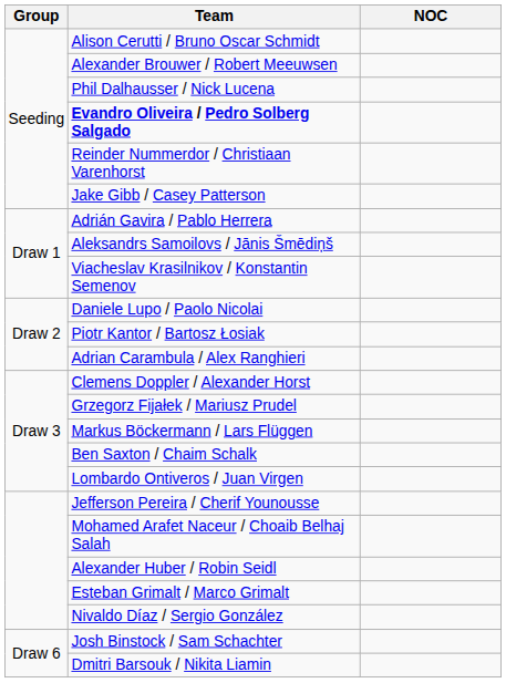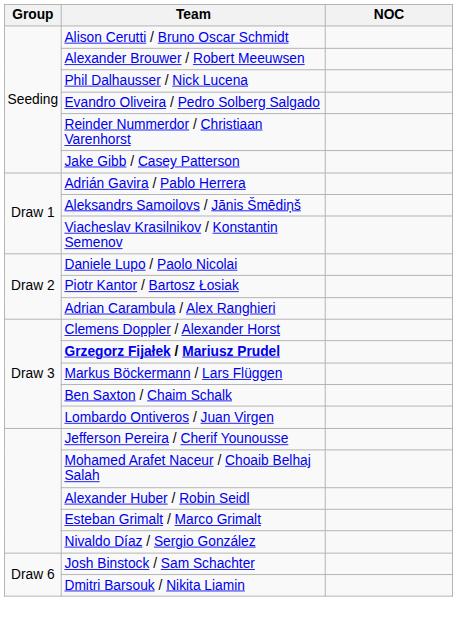 <table class="wikitable">
 <tr>
 <th>Group</th>
 <th width=300>Team</th>
 <th width=140>NOC</th>
 </tr>
 <tr>
 <td align=center rowspan=6>Seeding</td>
 <td><a href='#'>Alison Cerutti</a> / <a href='#'>Bruno Oscar Schmidt</a></td>
 <td></td>
 </tr>
 <tr>
 <td><a href='#'>Alexander Brouwer</a> / <a href='#'>Robert Meeuwsen</a></td>
 <td></td>
 </tr>
 <tr>
 <td><a href='#'>Phil Dalhausser</a> / <a href='#'>Nick Lucena</a></td>
 <td></td>
 </tr>
 <tr>
-<td><strong><a href='#'>Evandro Oliveira</a> / <a href='#'>Pedro Solberg Salgado</a></strong></td>
+<td><a href='#'>Evandro Oliveira</a> / <a href='#'>Pedro Solberg Salgado</a></td>
 <td></td>
 </tr>
 <tr>
 <td><a href='#'>Reinder Nummerdor</a> / <a href='#'>Christiaan Varenhorst</a></td>
 <td></td>
 </tr>
 <tr>
 <td><a href='#'>Jake Gibb</a> / <a href='#'>Casey Patterson</a></td>
 <td></td>
 </tr>
 <tr>
 <td align=center rowspan=3>Draw 1</td>
 <td><a href='#'>Adrián Gavira</a> / <a href='#'>Pablo Herrera</a></td>
 <td></td>
 </tr>
 <tr>
 <td><a href='#'>Aleksandrs Samoilovs</a> / <a href='#'>Jānis Šmēdiņš</a></td>
 <td></td>
 </tr>
 <tr>
 <td><a href='#'>Viacheslav Krasilnikov</a> / <a href='#'>Konstantin Semenov</a></td>
 <td></td>
 </tr>
 <tr>
 <td align=center rowspan=3>Draw 2</td>
 <td><a href='#'>Daniele Lupo</a> / <a href='#'>Paolo Nicolai</a></td>
 <td></td>
 </tr>
 <tr>
 <td><a href='#'>Piotr Kantor</a> / <a href='#'>Bartosz Łosiak</a></td>
 <td></td>
 </tr>
 <tr>
 <td><a href='#'>Adrian Carambula</a> / <a href='#'>Alex Ranghieri</a></td>
 <td></td>
 </tr>
 <tr>
 <td align=center rowspan=5>Draw 3</td>
 <td><a href='#'>Clemens Doppler</a> / <a href='#'>Alexander Horst</a></td>
 <td></td>
 </tr>
 <tr>
-<td><a href='#'>Grzegorz Fijałek</a> / <a href='#'>Mariusz Prudel</a></td>
+<td><strong><a href='#'>Grzegorz Fijałek</a> / <a href='#'>Mariusz Prudel</a></strong></td>
 <td></td>
 </tr>
 <tr>
 <td><a href='#'>Markus Böckermann</a> / <a href='#'>Lars Flüggen</a></td>
 <td></td>
 </tr>
 <tr>
 <td><a href='#'>Ben Saxton</a> / <a href='#'>Chaim Schalk</a></td>
 <td></td>
 </tr>
 <tr>
 <td><a href='#'>Lombardo Ontiveros</a> / <a href='#'>Juan Virgen</a></td>
 <td></td>
 </tr>
 <tr>
 <td align=center rowspan=5></td>
 <td><a href='#'>Jefferson Pereira</a> / <a href='#'>Cherif Younousse</a></td>
 <td></td>
 </tr>
 <tr>
 <td><a href='#'>Mohamed Arafet Naceur</a> / <a href='#'>Choaib Belhaj Salah</a></td>
 <td></td>
 </tr>
 <tr>
 <td><a href='#'>Alexander Huber</a> / <a href='#'>Robin Seidl</a></td>
 <td></td>
 </tr>
 <tr>
 <td><a href='#'>Esteban Grimalt</a> / <a href='#'>Marco Grimalt</a></td>
 <td></td>
 </tr>
 <tr>
 <td><a href='#'>Nivaldo Díaz</a> / <a href='#'>Sergio González</a></td>
 <td></td>
 </tr>
 <tr>
 <td align=center rowspan=2>Draw 6</td>
 <td><a href='#'>Josh Binstock</a> / <a href='#'>Sam Schachter</a></td>
 <td></td>
 </tr>
 <tr>
 <td><a href='#'>Dmitri Barsouk</a> / <a href='#'>Nikita Liamin</a></td>
 <td></td>
 </tr>
 </table>
